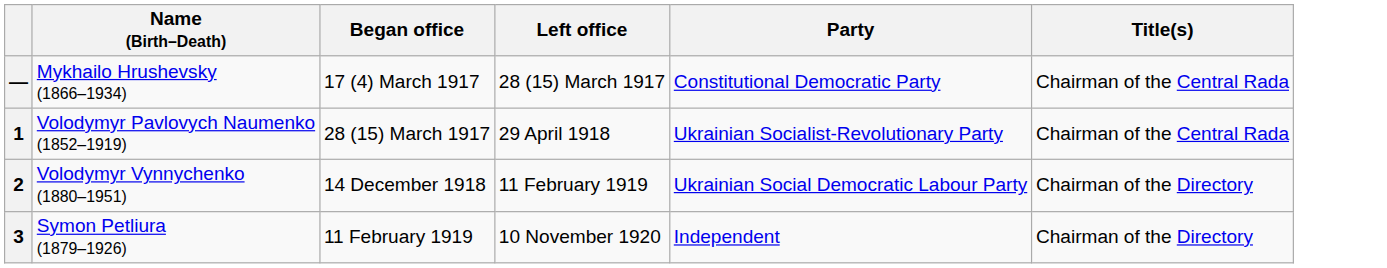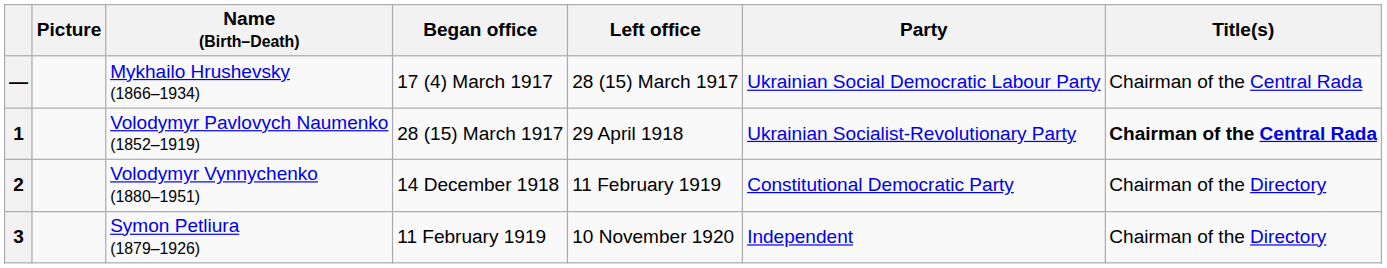 <table class="wikitable">
 <tr>
 <th></th>
+<th>Picture</th>
 <th>Name<br><small>(Birth–Death)</small></th>
 <th>Began office</th>
 <th>Left office</th>
 <th>Party</th>
 <th>Title(s)</th>
 </tr>
 <tr>
 <th style="background:">—</th>
+<td></td>
 <td><a href='#'>Mykhailo Hrushevsky</a><br><small>(1866–1934)</small></td>
 <td>17 (4) March 1917</td>
 <td>28 (15) March 1917</td>
-<td><a href='#'>Constitutional Democratic Party</a></td>
+<td><a href='#'>Ukrainian Social Democratic Labour Party</a></td>
 <td>Chairman of the <a href='#'>Central Rada</a></td>
 </tr>
 <tr>
 <th style="background:">1</th>
+<td></td>
 <td><a href='#'>Volodymyr Pavlovych Naumenko</a><br><small>(1852–1919)</small></td>
 <td>28 (15) March 1917</td>
 <td>29 April 1918</td>
 <td><a href='#'>Ukrainian Socialist-Revolutionary Party</a></td>
-<td>Chairman of the <a href='#'>Central Rada</a></td>
+<td><strong>Chairman of the <a href='#'>Central Rada</a></strong></td>
 </tr>
 <tr>
 <th style="background:">2</th>
+<td></td>
 <td><a href='#'>Volodymyr Vynnychenko</a><br><small>(1880–1951)</small></td>
 <td>14 December 1918</td>
 <td>11 February 1919</td>
-<td><a href='#'>Ukrainian Social Democratic Labour Party</a></td>
+<td><a href='#'>Constitutional Democratic Party</a></td>
 <td>Chairman of the <a href='#'>Directory</a></td>
 </tr>
 <tr>
 <th style="background:">3</th>
+<td></td>
 <td><a href='#'>Symon Petliura</a><br><small>(1879–1926)</small></td>
 <td>11 February 1919</td>
 <td>10 November 1920</td>
 <td><a href='#'>Independent</a></td>
 <td>Chairman of the <a href='#'>Directory</a></td>
 </tr>
 </table>
